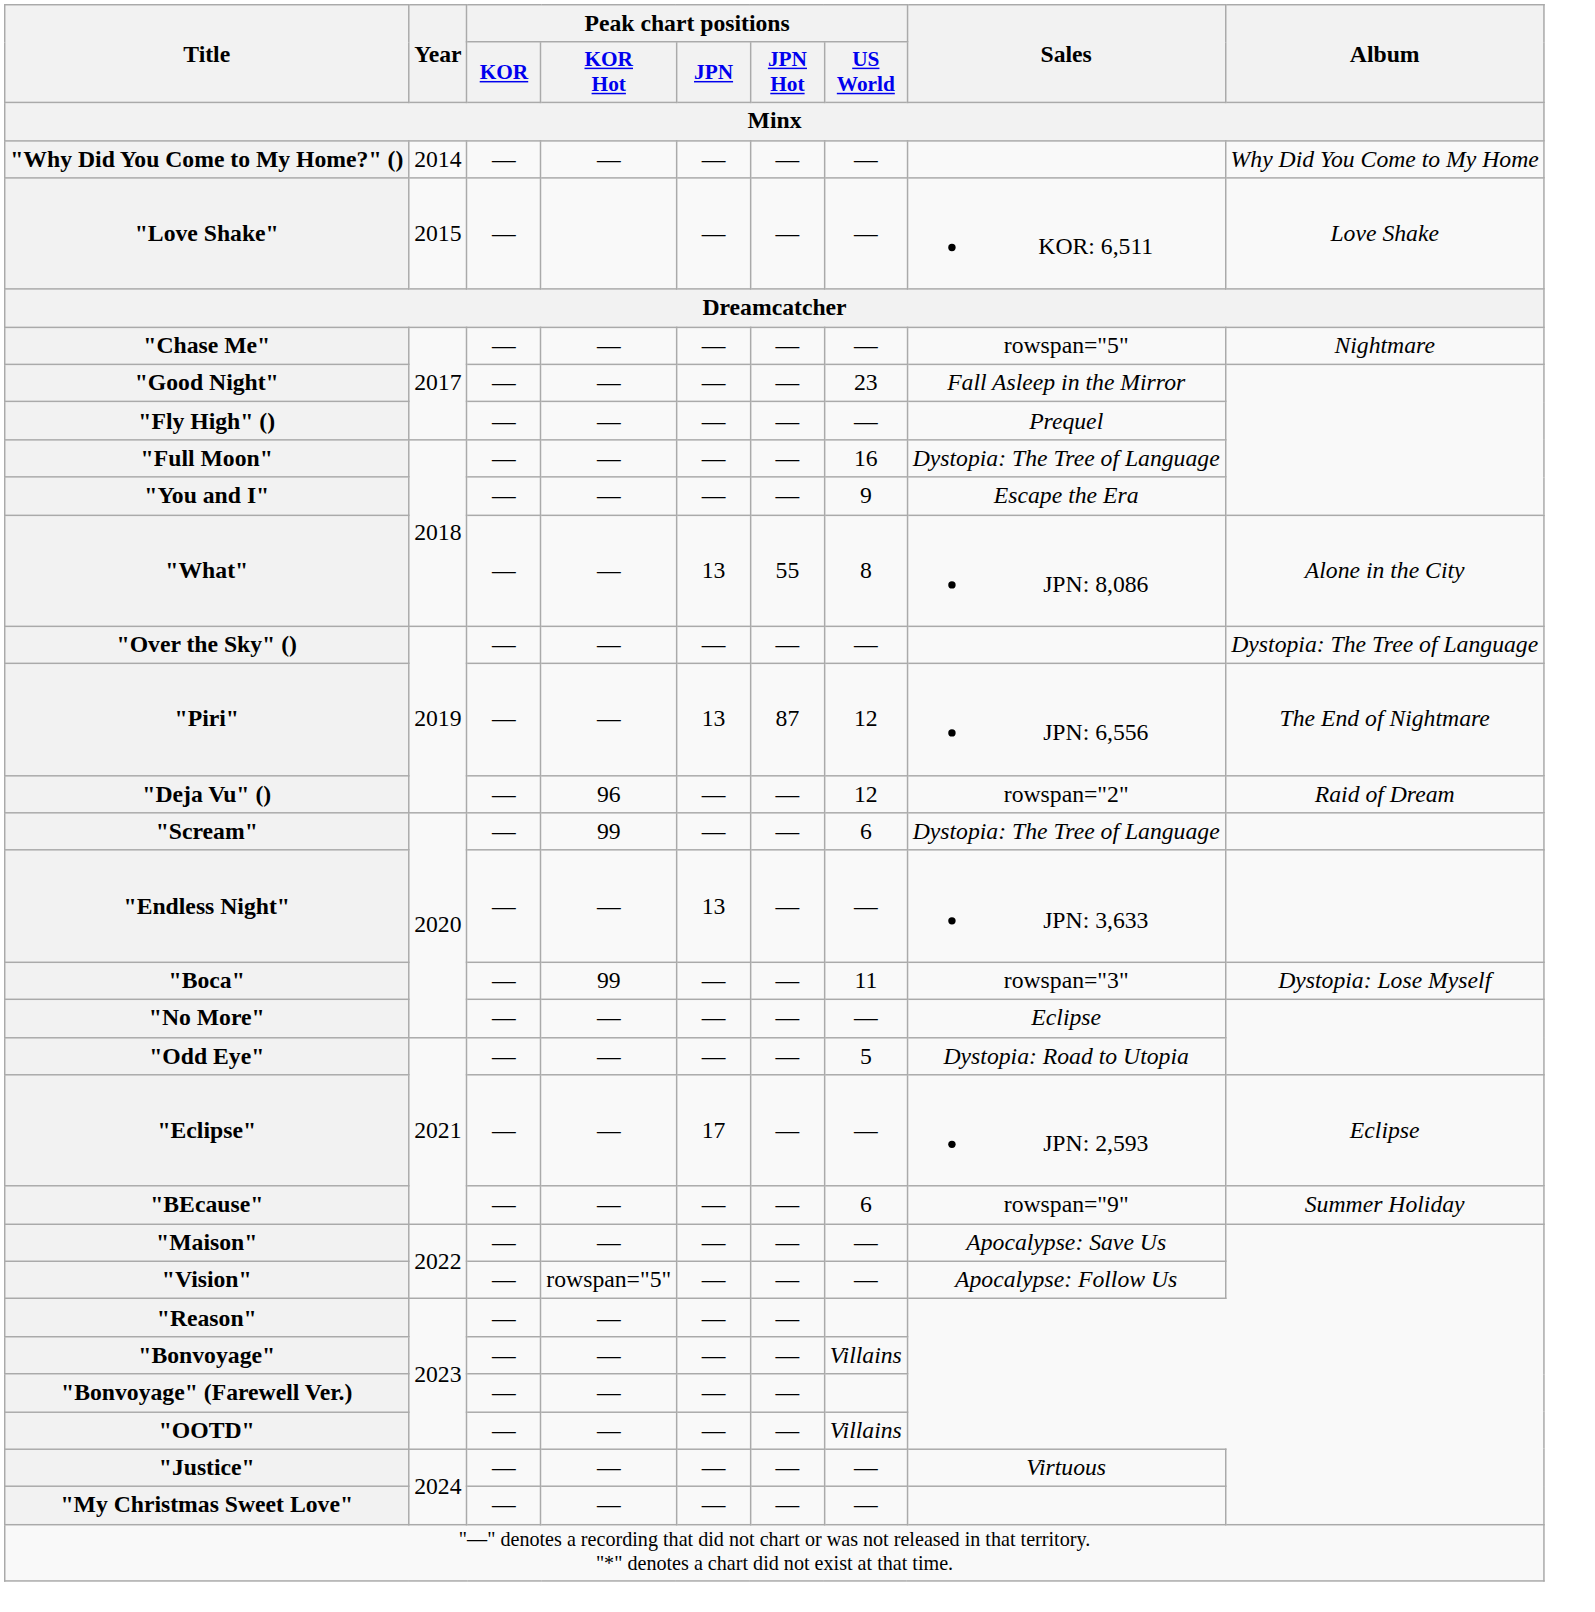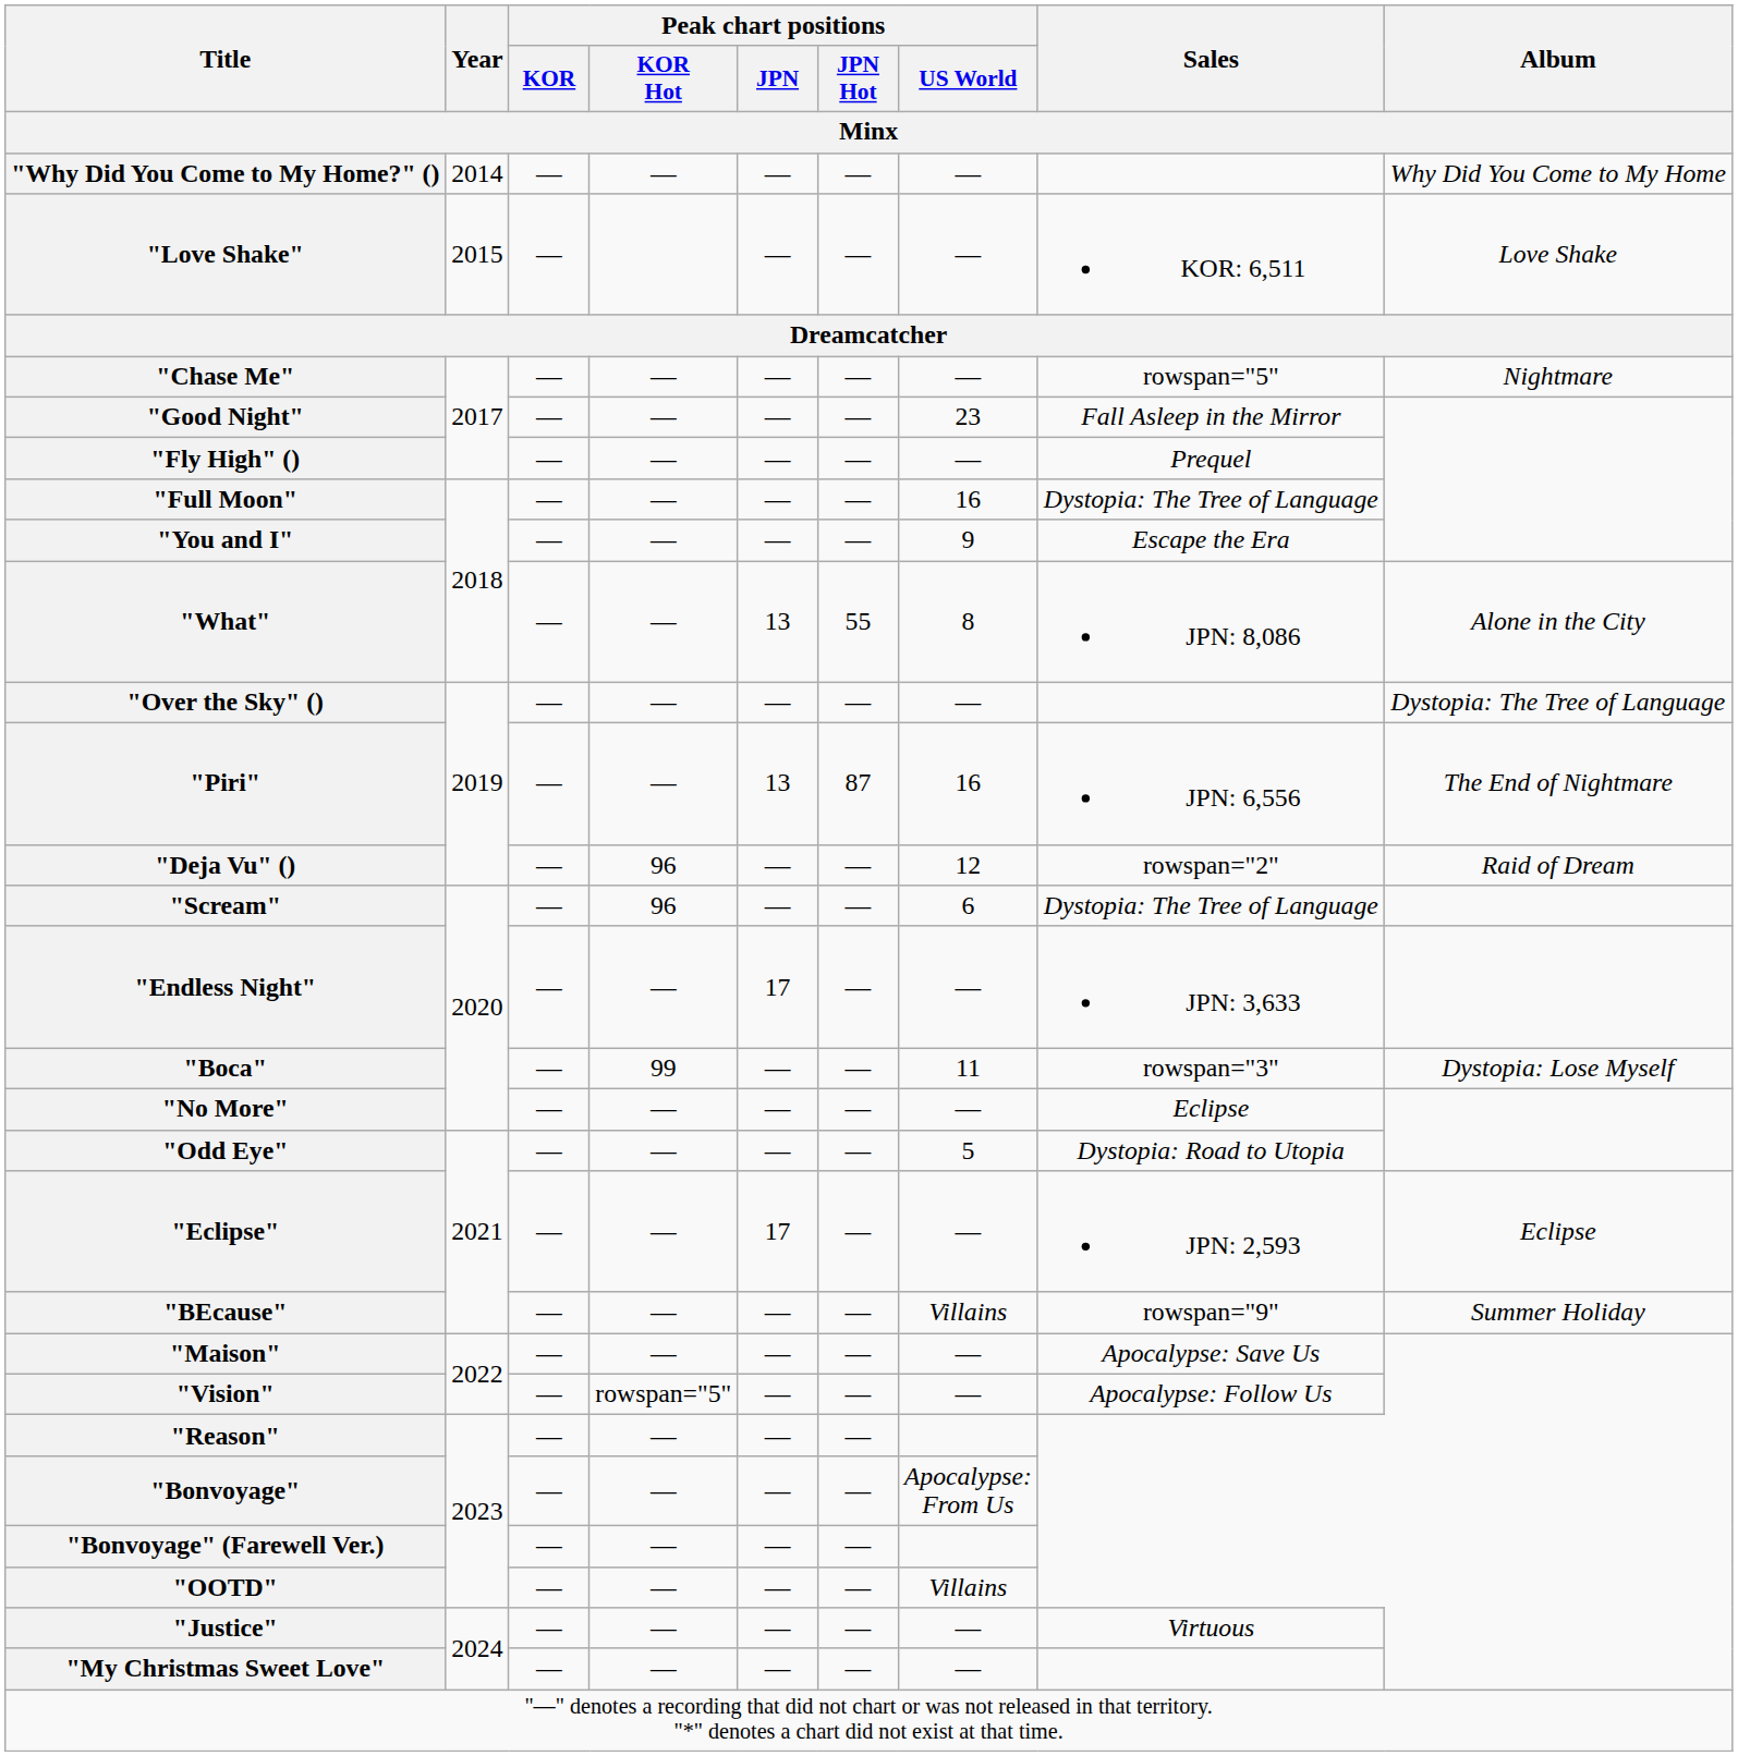 <table class="wikitable plainrowheaders" style="text-align:center">
 <tr>
 <th scope="col" rowspan="2">Title</th>
 <th scope="col" rowspan="2">Year</th>
 <th scope="col" colspan="5">Peak chart positions</th>
 <th scope="col" rowspan="2">Sales</th>
 <th scope="col" rowspan="2">Album</th>
 </tr>
 <tr>
 <th scope="col" style="width:3em;font-size:90%"><a href='#'>KOR</a><br></th>
 <th scope="col" style="width:3em;font-size:90%"><a href='#'>KOR<br>Hot</a><br></th>
 <th scope="col" style="width:3em;font-size:90%"><a href='#'>JPN</a><br></th>
 <th scope="col" style="width:3em;font-size:90%"><a href='#'>JPN<br>Hot</a><br></th>
 <th scope="col" style="width:3em;font-size:90%"><a href='#'>US World</a><br></th>
 </tr>
 <tr>
 <th scope="col" colspan="9">Minx</th>
 </tr>
 <tr>
 <th scope="row">"Why Did You Come to My Home?" ()</th>
 <td>2014</td>
 <td>—</td>
 <td>—</td>
 <td>—</td>
 <td>—</td>
 <td>—</td>
 <td></td>
 <td><em>Why Did You Come to My Home</em></td>
 </tr>
 <tr>
 <th scope="row">"Love Shake"</th>
 <td>2015</td>
 <td>—</td>
 <td></td>
 <td>—</td>
 <td>—</td>
 <td>—</td>
 <td><br><ul><li>KOR: 6,511 </li></ul></td>
 <td><em>Love Shake</em></td>
 </tr>
 <tr>
 <th scope="col" colspan="9">Dreamcatcher</th>
 </tr>
 <tr>
 <th scope="row">"Chase Me"</th>
 <td rowspan="3">2017</td>
 <td>—</td>
 <td>—</td>
 <td>—</td>
 <td>—</td>
 <td>—</td>
 <td>rowspan="5" </td>
 <td><em>Nightmare</em></td>
 </tr>
 <tr>
 <th scope="row">"Good Night"</th>
 <td>—</td>
 <td>—</td>
 <td>—</td>
 <td>—</td>
 <td>23</td>
 <td><em>Fall Asleep in the Mirror</em></td>
 </tr>
 <tr>
 <th scope="row">"Fly High" ()</th>
 <td>—</td>
 <td>—</td>
 <td>—</td>
 <td>—</td>
 <td>—</td>
 <td><em>Prequel</em></td>
 </tr>
 <tr>
 <th scope="row">"Full Moon"</th>
 <td rowspan="3">2018</td>
 <td>—</td>
 <td>—</td>
 <td>—</td>
 <td>—</td>
 <td>16</td>
 <td><em>Dystopia: The Tree of Language</em></td>
 </tr>
 <tr>
 <th scope="row">"You and I"</th>
 <td>—</td>
 <td>—</td>
 <td>—</td>
 <td>—</td>
 <td>9</td>
 <td><em>Escape the Era</em></td>
 </tr>
 <tr>
 <th scope="row">"What"</th>
 <td>—</td>
 <td>—</td>
 <td>13</td>
 <td>55</td>
 <td>8</td>
 <td><br><ul><li>JPN: 8,086 </li></ul></td>
 <td><em>Alone in the City</em></td>
 </tr>
 <tr>
 <th scope="row">"Over the Sky" ()</th>
 <td rowspan="3">2019</td>
 <td>—</td>
 <td>—</td>
 <td>—</td>
 <td>—</td>
 <td>—</td>
 <td></td>
 <td><em>Dystopia: The Tree of Language</em></td>
 </tr>
 <tr>
 <th scope="row">"Piri"</th>
 <td>—</td>
 <td>—</td>
 <td>13</td>
 <td>87</td>
-<td>12</td>
+<td>16</td>
 <td><br><ul><li>JPN: 6,556 </li></ul></td>
 <td><em>The End of Nightmare</em></td>
 </tr>
 <tr>
 <th scope="row">"Deja Vu" ()</th>
 <td>—</td>
 <td>96</td>
 <td>—</td>
 <td>—</td>
 <td>12</td>
 <td>rowspan="2" </td>
 <td><em>Raid of Dream</em></td>
 </tr>
 <tr>
 <th scope="row">"Scream"</th>
 <td rowspan="4">2020</td>
 <td>—</td>
-<td>99</td>
+<td>96</td>
 <td>—</td>
 <td>—</td>
 <td>6</td>
 <td><em>Dystopia: The Tree of Language</em></td>
 </tr>
 <tr>
 <th scope="row">"Endless Night"</th>
 <td>—</td>
 <td>—</td>
-<td>13</td>
+<td>17</td>
 <td>—</td>
 <td>—</td>
 <td><br><ul><li>JPN: 3,633 </li></ul></td>
 <td></td>
 </tr>
 <tr>
 <th scope="row">"Boca"</th>
 <td>—</td>
 <td>99</td>
 <td>—</td>
 <td>—</td>
 <td>11</td>
 <td>rowspan="3" </td>
 <td><em>Dystopia: Lose Myself</em></td>
 </tr>
 <tr>
 <th scope="row">"No More"</th>
 <td>—</td>
 <td>—</td>
 <td>—</td>
 <td>—</td>
 <td>—</td>
 <td><em>Eclipse</em></td>
 </tr>
 <tr>
 <th scope="row">"Odd Eye"</th>
 <td rowspan="3">2021</td>
 <td>—</td>
 <td>—</td>
 <td>—</td>
 <td>—</td>
 <td>5</td>
 <td><em>Dystopia: Road to Utopia</em></td>
 </tr>
 <tr>
 <th scope="row">"Eclipse"</th>
 <td>—</td>
 <td>—</td>
 <td>17</td>
 <td>—</td>
 <td>—</td>
 <td><br><ul><li>JPN: 2,593 </li></ul></td>
 <td><em>Eclipse</em></td>
 </tr>
 <tr>
 <th scope="row">"BEcause"</th>
 <td>—</td>
 <td>—</td>
 <td>—</td>
 <td>—</td>
-<td>6</td>
+<td><em>Villains</em></td>
 <td>rowspan="9" </td>
 <td><em>Summer Holiday</em></td>
 </tr>
 <tr>
 <th scope="row">"Maison"</th>
 <td rowspan="2">2022</td>
 <td>—</td>
 <td>—</td>
 <td>—</td>
 <td>—</td>
 <td>—</td>
 <td><em>Apocalypse: Save Us</em></td>
 </tr>
 <tr>
 <th scope="row">"Vision"</th>
 <td>—</td>
 <td>rowspan="5" </td>
 <td>—</td>
 <td>—</td>
 <td>—</td>
 <td><em>Apocalypse: Follow Us</em></td>
 </tr>
 <tr>
 <th scope="row">"Reason"</th>
 <td rowspan="4">2023</td>
 <td>—</td>
 <td>—</td>
 <td>—</td>
 <td>—</td>
 <td></td>
 </tr>
 <tr>
 <th scope="row">"Bonvoyage"</th>
 <td>—</td>
 <td>—</td>
 <td>—</td>
 <td>—</td>
-<td><em>Villains</em></td>
+<td><em>Apocalypse: From Us</em></td>
 </tr>
 <tr>
 <th scope="row">"Bonvoyage" (Farewell Ver.)</th>
 <td>—</td>
 <td>—</td>
 <td>—</td>
 <td>—</td>
 <td></td>
 </tr>
 <tr>
 <th scope="row">"OOTD"</th>
 <td>—</td>
 <td>—</td>
 <td>—</td>
 <td>—</td>
 <td><em>Villains</em></td>
 </tr>
 <tr>
 <th scope="row">"Justice"</th>
 <td rowspan="2">2024</td>
 <td>—</td>
 <td>—</td>
 <td>—</td>
 <td>—</td>
 <td>—</td>
 <td><em>Virtuous</em></td>
 </tr>
 <tr>
 <th scope="row">"My Christmas Sweet Love"</th>
 <td>—</td>
 <td>—</td>
 <td>—</td>
 <td>—</td>
 <td>—</td>
 <td></td>
 </tr>
 <tr>
 <td colspan="9" style="font-size:85%">"—" denotes a recording that did not chart or was not released in that territory.<br>"*" denotes a chart did not exist at that time.</td>
 </tr>
 </table>
